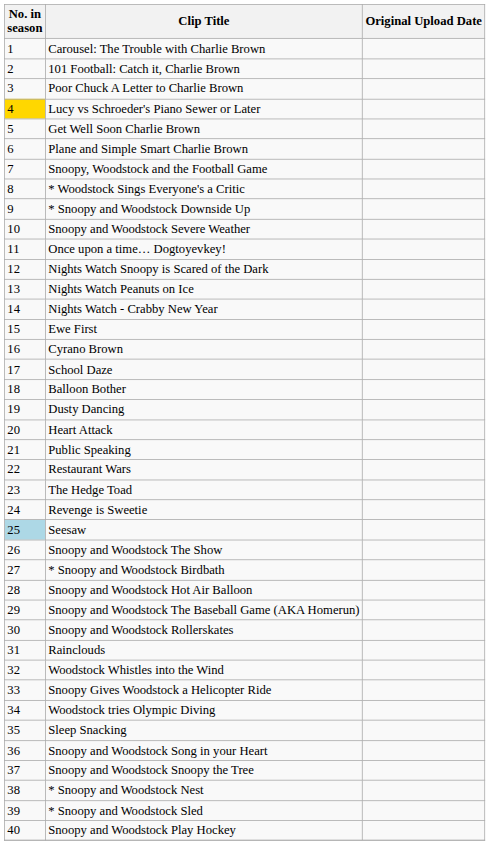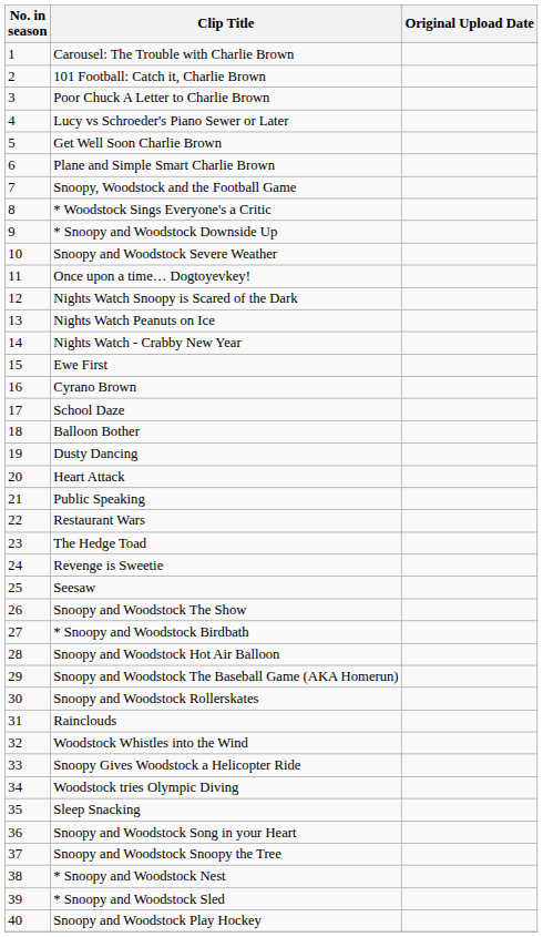 <table class="wikitable">
 <tr>
 <th>No. in<br>season</th>
 <th>Clip Title</th>
 <th>Original Upload Date</th>
 </tr>
 <tr>
 <td>1</td>
 <td>Carousel: The Trouble with Charlie Brown</td>
 <td></td>
 </tr>
 <tr>
 <td>2</td>
 <td>101 Football: Catch it, Charlie Brown</td>
 <td></td>
 </tr>
 <tr>
 <td>3</td>
 <td>Poor Chuck A Letter to Charlie Brown</td>
 <td></td>
 </tr>
 <tr>
-<td style="background: gold;">4</td>
+<td>4</td>
 <td>Lucy vs Schroeder's Piano Sewer or Later</td>
 <td></td>
 </tr>
 <tr>
 <td>5</td>
 <td>Get Well Soon Charlie Brown</td>
 <td></td>
 </tr>
 <tr>
 <td>6</td>
 <td>Plane and Simple Smart Charlie Brown</td>
 <td></td>
 </tr>
 <tr>
 <td>7</td>
 <td>Snoopy, Woodstock and the Football Game</td>
 <td></td>
 </tr>
 <tr>
 <td>8</td>
 <td>* Woodstock Sings Everyone's a Critic</td>
 <td></td>
 </tr>
 <tr>
 <td>9</td>
 <td>* Snoopy and Woodstock Downside Up</td>
 <td></td>
 </tr>
 <tr>
 <td>10</td>
 <td>Snoopy and Woodstock Severe Weather</td>
 <td></td>
 </tr>
 <tr>
 <td>11</td>
 <td>Once upon a time… Dogtoyevkey!</td>
 <td></td>
 </tr>
 <tr>
 <td>12</td>
 <td>Nights Watch Snoopy is Scared of the Dark</td>
 <td></td>
 </tr>
 <tr>
 <td>13</td>
 <td>Nights Watch Peanuts on Ice</td>
 <td></td>
 </tr>
 <tr>
 <td>14</td>
 <td>Nights Watch - Crabby New Year</td>
 <td></td>
 </tr>
 <tr>
 <td>15</td>
 <td>Ewe First</td>
 <td></td>
 </tr>
 <tr>
 <td>16</td>
 <td>Cyrano Brown</td>
 <td></td>
 </tr>
 <tr>
 <td>17</td>
 <td>School Daze</td>
 <td></td>
 </tr>
 <tr>
 <td>18</td>
 <td>Balloon Bother</td>
 <td></td>
 </tr>
 <tr>
 <td>19</td>
 <td>Dusty Dancing</td>
 <td></td>
 </tr>
 <tr>
 <td>20</td>
 <td>Heart Attack</td>
 <td></td>
 </tr>
 <tr>
 <td>21</td>
 <td>Public Speaking</td>
 <td></td>
 </tr>
 <tr>
 <td>22</td>
 <td>Restaurant Wars</td>
 <td></td>
 </tr>
 <tr>
 <td>23</td>
 <td>The Hedge Toad</td>
 <td></td>
 </tr>
 <tr>
 <td>24</td>
 <td>Revenge is Sweetie</td>
 <td></td>
 </tr>
 <tr>
-<td style="background: lightblue;">25</td>
+<td>25</td>
 <td>Seesaw</td>
 <td></td>
 </tr>
 <tr>
 <td>26</td>
 <td>Snoopy and Woodstock The Show</td>
 <td></td>
 </tr>
 <tr>
 <td>27</td>
 <td>* Snoopy and Woodstock Birdbath</td>
 <td></td>
 </tr>
 <tr>
 <td>28</td>
 <td>Snoopy and Woodstock Hot Air Balloon</td>
 <td></td>
 </tr>
 <tr>
 <td>29</td>
 <td>Snoopy and Woodstock The Baseball Game (AKA Homerun)</td>
 <td></td>
 </tr>
 <tr>
 <td>30</td>
 <td>Snoopy and Woodstock Rollerskates</td>
 <td></td>
 </tr>
 <tr>
 <td>31</td>
 <td>Rainclouds</td>
 <td></td>
 </tr>
 <tr>
 <td>32</td>
 <td>Woodstock Whistles into the Wind</td>
 <td></td>
 </tr>
 <tr>
 <td>33</td>
 <td>Snoopy Gives Woodstock a Helicopter Ride</td>
 <td></td>
 </tr>
 <tr>
 <td>34</td>
 <td>Woodstock tries Olympic Diving</td>
 <td></td>
 </tr>
 <tr>
 <td>35</td>
 <td>Sleep Snacking</td>
 <td></td>
 </tr>
 <tr>
 <td>36</td>
 <td>Snoopy and Woodstock Song in your Heart</td>
 <td></td>
 </tr>
 <tr>
 <td>37</td>
 <td>Snoopy and Woodstock Snoopy the Tree</td>
 <td></td>
 </tr>
 <tr>
 <td>38</td>
 <td>* Snoopy and Woodstock Nest</td>
 <td></td>
 </tr>
 <tr>
 <td>39</td>
 <td>* Snoopy and Woodstock Sled</td>
 <td></td>
 </tr>
 <tr>
 <td>40</td>
 <td>Snoopy and Woodstock Play Hockey</td>
 <td></td>
 </tr>
 <tr>
 </tr>
 </table>
